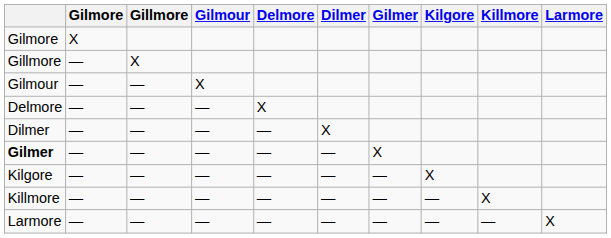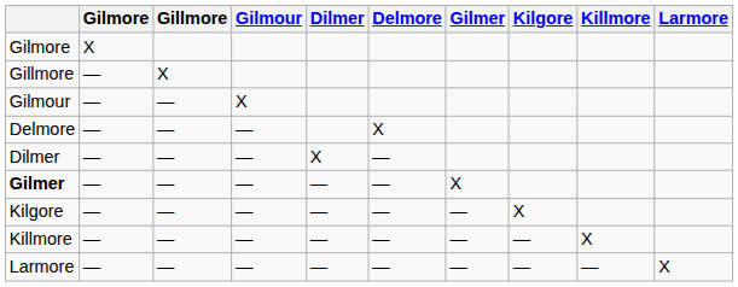 <table class="wikitable">
 <tr>
 <th></th>
 <th>Gilmore</th>
 <th>Gillmore</th>
 <th><a href='#'>Gilmour</a></th>
+<th><a href='#'>Dilmer</a></th>
 <th><a href='#'>Delmore</a></th>
-<th><a href='#'>Dilmer</a></th>
 <th><a href='#'>Gilmer</a></th>
 <th><a href='#'>Kilgore</a></th>
 <th><a href='#'>Killmore</a></th>
 <th><a href='#'>Larmore</a></th>
 </tr>
 <tr>
 <td>Gilmore</td>
 <td>X</td>
 <td></td>
 <td></td>
 <td></td>
 <td></td>
 <td></td>
 <td></td>
 <td></td>
 <td></td>
 </tr>
 <tr>
 <td>Gillmore</td>
 <td>—</td>
 <td>X</td>
 <td></td>
 <td></td>
 <td></td>
 <td></td>
 <td></td>
 <td></td>
 <td></td>
 </tr>
 <tr>
 <td>Gilmour</td>
 <td>—</td>
 <td>—</td>
 <td>X</td>
 <td></td>
 <td></td>
 <td></td>
 <td></td>
 <td></td>
 <td></td>
 </tr>
 <tr>
 <td>Delmore</td>
 <td>—</td>
 <td>—</td>
 <td>—</td>
+<td></td>
 <td>X</td>
-<td></td>
 <td></td>
 <td></td>
 <td></td>
 <td></td>
 </tr>
 <tr>
 <td>Dilmer</td>
 <td>—</td>
 <td>—</td>
 <td>—</td>
+<td>X</td>
 <td>—</td>
-<td>X</td>
 <td></td>
 <td></td>
 <td></td>
 <td></td>
 </tr>
 <tr>
 <td><strong>Gilmer</strong></td>
 <td>—</td>
 <td>—</td>
 <td>—</td>
 <td>—</td>
 <td>—</td>
 <td>X</td>
 <td></td>
 <td></td>
 <td></td>
 </tr>
 <tr>
 <td>Kilgore</td>
 <td>—</td>
 <td>—</td>
 <td>—</td>
 <td>—</td>
 <td>—</td>
 <td>—</td>
 <td>X</td>
 <td></td>
 <td></td>
 </tr>
 <tr>
 <td>Killmore</td>
 <td>—</td>
 <td>—</td>
 <td>—</td>
 <td>—</td>
 <td>—</td>
 <td>—</td>
 <td>—</td>
 <td>X</td>
 <td></td>
 </tr>
 <tr>
 <td>Larmore</td>
 <td>—</td>
 <td>—</td>
 <td>—</td>
 <td>—</td>
 <td>—</td>
 <td>—</td>
 <td>—</td>
 <td>—</td>
 <td>X</td>
 </tr>
 </table>
